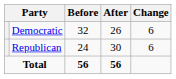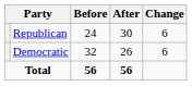 <table class="wikitable" style="text-align:center;">
 <tr>
 <th colspan="2">Party</th>
 <th>Before</th>
 <th>After</th>
 <th>Change</th>
 </tr>
 <tr>
 <th style="background-color:"></th>
-<td style="text-align:left;"><a href='#'>Democratic</a></td>
-<td>32</td>
-<td>26</td>
+<td style="text-align:left;"><a href='#'>Republican</a></td>
+<td>24</td>
+<td>30</td>
 <td> 6</td>
 </tr>
 <tr>
 <th style="background-color:"></th>
-<td style="text-align:left;"><a href='#'>Republican</a></td>
-<td>24</td>
-<td>30</td>
+<td style="text-align:left;"><a href='#'>Democratic</a></td>
+<td>32</td>
+<td>26</td>
 <td> 6</td>
 </tr>
 <tr>
 <td colspan="2"><strong>Total</strong></td>
 <td><strong>56</strong></td>
 <td><strong>56</strong></td>
 <td></td>
 </tr>
 </table>
